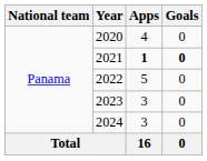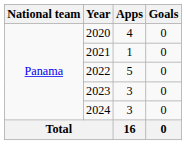 <table class=wikitable style=text-align:center>
 <tr>
 <th>National team</th>
 <th>Year</th>
 <th>Apps</th>
 <th>Goals</th>
 </tr>
 <tr>
 <td rowspan="5"><a href='#'>Panama</a></td>
 <td>2020</td>
 <td>4</td>
 <td>0</td>
 </tr>
 <tr>
 <td>2021</td>
-<td><strong>1</strong></td>
-<td><strong>0</strong></td>
+<td>1</td>
+<td>0</td>
 </tr>
 <tr>
 <td>2022</td>
 <td>5</td>
 <td>0</td>
 </tr>
 <tr>
 <td>2023</td>
 <td>3</td>
 <td>0</td>
 </tr>
 <tr>
 <td>2024</td>
 <td>3</td>
 <td>0</td>
 </tr>
 <tr>
 <th colspan="2">Total</th>
 <th>16</th>
 <th>0</th>
 </tr>
 </table>
